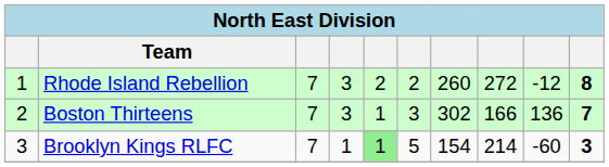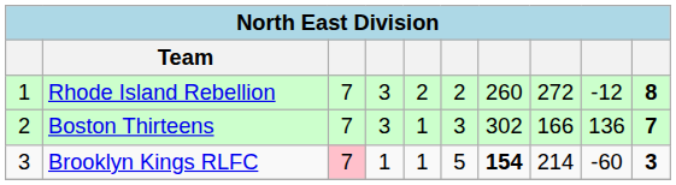 <table class="wikitable" style="text-align:center;">
 <tr>
 <td bgcolor=lightblue align="center" colspan="10"><strong><span>North East Division</span></strong></td>
 </tr>
 <tr>
 <th width="20"></th>
 <th width="200">Team</th>
 <th width="20"></th>
 <th width="20"></th>
 <th width="20"></th>
 <th width="20"></th>
 <th width="30"></th>
 <th width="30"></th>
 <th width="30"></th>
 <th width="20"></th>
 </tr>
 <tr style="background: #ccffcc;">
 <td>1</td>
 <td style="text-align:left;"> <a href='#'>Rhode Island Rebellion</a></td>
 <td>7</td>
 <td>3</td>
 <td>2</td>
 <td>2</td>
 <td>260</td>
 <td>272</td>
 <td>-12</td>
 <td><strong>8</strong></td>
 </tr>
 <tr style="background: #ccffcc;">
 <td>2</td>
 <td style="text-align:left;"> <a href='#'>Boston Thirteens</a></td>
 <td>7</td>
 <td>3</td>
 <td>1</td>
 <td>3</td>
 <td>302</td>
 <td>166</td>
 <td>136</td>
 <td><strong>7</strong></td>
 </tr>
 <tr>
 <td>3</td>
 <td style="text-align:left;"> <a href='#'>Brooklyn Kings RLFC</a></td>
-<td>7</td>
+<td style="background: pink;">7</td>
 <td>1</td>
-<td style="background: lightgreen;">1</td>
+<td>1</td>
 <td>5</td>
-<td>154</td>
+<td><strong>154</strong></td>
 <td>214</td>
 <td>-60</td>
 <td><strong>3</strong></td>
 </tr>
 <tr>
 </tr>
 </table>
